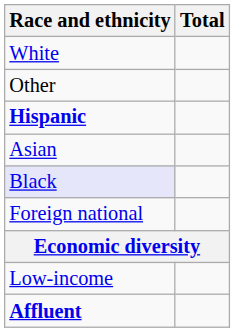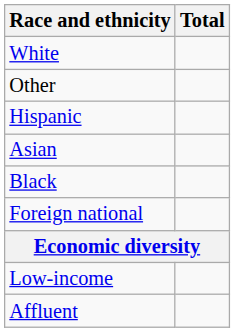 <table class="wikitable floatright sortable collapsible"; text-align:right; font-size:80%;">
 <tr>
 <th>Race and ethnicity</th>
 <th colspan="2" data-sort-type=number>Total</th>
 </tr>
 <tr>
 <td><a href='#'>White</a></td>
 <td align=right></td>
 </tr>
 <tr>
 <td>Other</td>
 <td align=right></td>
 </tr>
 <tr>
-<td><strong><a href='#'>Hispanic</a></strong></td>
+<td><a href='#'>Hispanic</a></td>
 <td align=right></td>
 </tr>
 <tr>
 <td><a href='#'>Asian</a></td>
 <td align=right></td>
 </tr>
 <tr>
-<td style="background: lavender;"><a href='#'>Black</a></td>
+<td><a href='#'>Black</a></td>
 <td align=right></td>
 </tr>
 <tr>
 <td><a href='#'>Foreign national</a></td>
 <td align=right></td>
 </tr>
 <tr>
 <th colspan="4" data-sort-type=number><a href='#'>Economic diversity</a></th>
 </tr>
 <tr>
 <td><a href='#'>Low-income</a></td>
 <td align=right></td>
 </tr>
 <tr>
-<td><strong><a href='#'>Affluent</a></strong></td>
+<td><a href='#'>Affluent</a></td>
 <td align=right></td>
 </tr>
 </table>
